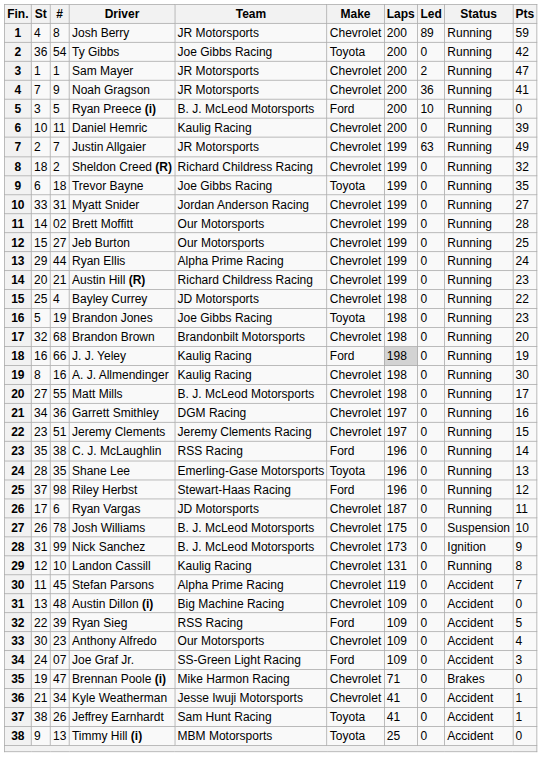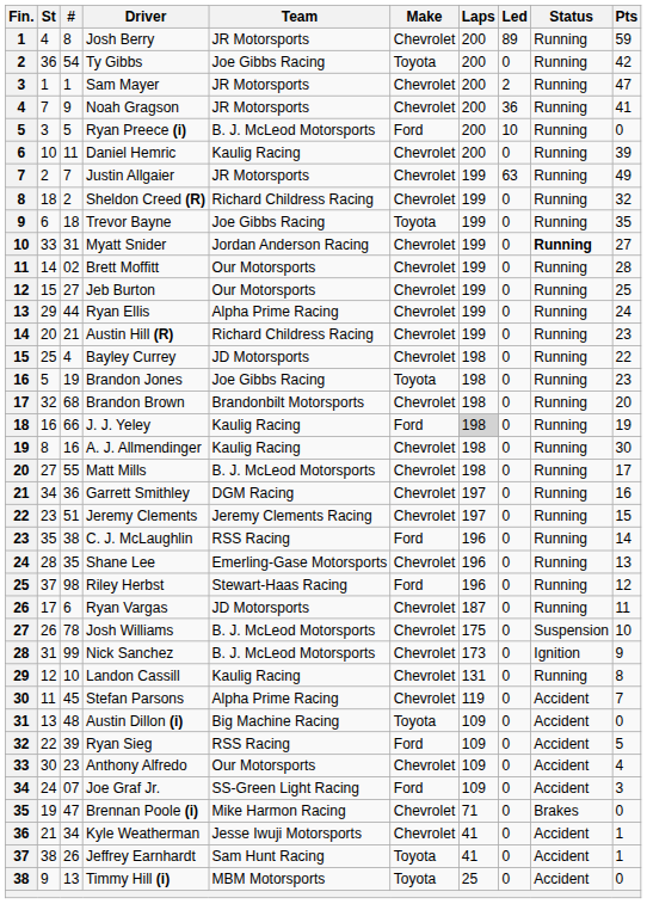 <table class="wikitable" style="font-size:95%">
 <tr>
 <th>Fin.</th>
 <th>St</th>
 <th>#</th>
 <th>Driver</th>
 <th>Team</th>
 <th>Make</th>
 <th>Laps</th>
 <th>Led</th>
 <th>Status</th>
 <th>Pts</th>
 </tr>
 <tr>
 <th>1</th>
 <td>4</td>
 <td>8</td>
 <td>Josh Berry</td>
 <td>JR Motorsports</td>
 <td>Chevrolet</td>
 <td>200</td>
 <td>89</td>
 <td>Running</td>
 <td>59</td>
 </tr>
 <tr>
 <th>2</th>
 <td>36</td>
 <td>54</td>
 <td>Ty Gibbs</td>
 <td>Joe Gibbs Racing</td>
 <td>Toyota</td>
 <td>200</td>
 <td>0</td>
 <td>Running</td>
 <td>42</td>
 </tr>
 <tr>
 <th>3</th>
 <td>1</td>
 <td>1</td>
 <td>Sam Mayer</td>
 <td>JR Motorsports</td>
 <td>Chevrolet</td>
 <td>200</td>
 <td>2</td>
 <td>Running</td>
 <td>47</td>
 </tr>
 <tr>
 <th>4</th>
 <td>7</td>
 <td>9</td>
 <td>Noah Gragson</td>
 <td>JR Motorsports</td>
 <td>Chevrolet</td>
 <td>200</td>
 <td>36</td>
 <td>Running</td>
 <td>41</td>
 </tr>
 <tr>
 <th>5</th>
 <td>3</td>
 <td>5</td>
 <td>Ryan Preece <strong>(i)</strong></td>
 <td>B. J. McLeod Motorsports</td>
 <td>Ford</td>
 <td>200</td>
 <td>10</td>
 <td>Running</td>
 <td>0</td>
 </tr>
 <tr>
 <th>6</th>
 <td>10</td>
 <td>11</td>
 <td>Daniel Hemric</td>
 <td>Kaulig Racing</td>
 <td>Chevrolet</td>
 <td>200</td>
 <td>0</td>
 <td>Running</td>
 <td>39</td>
 </tr>
 <tr>
 <th>7</th>
 <td>2</td>
 <td>7</td>
 <td>Justin Allgaier</td>
 <td>JR Motorsports</td>
 <td>Chevrolet</td>
 <td>199</td>
 <td>63</td>
 <td>Running</td>
 <td>49</td>
 </tr>
 <tr>
 <th>8</th>
 <td>18</td>
 <td>2</td>
 <td>Sheldon Creed <strong>(R)</strong></td>
 <td>Richard Childress Racing</td>
 <td>Chevrolet</td>
 <td>199</td>
 <td>0</td>
 <td>Running</td>
 <td>32</td>
 </tr>
 <tr>
 <th>9</th>
 <td>6</td>
 <td>18</td>
 <td>Trevor Bayne</td>
 <td>Joe Gibbs Racing</td>
 <td>Toyota</td>
 <td>199</td>
 <td>0</td>
 <td>Running</td>
 <td>35</td>
 </tr>
 <tr>
 <th>10</th>
 <td>33</td>
 <td>31</td>
 <td>Myatt Snider</td>
 <td>Jordan Anderson Racing</td>
 <td>Chevrolet</td>
 <td>199</td>
 <td>0</td>
-<td>Running</td>
+<td><strong>Running</strong></td>
 <td>27</td>
 </tr>
 <tr>
 <th>11</th>
 <td>14</td>
 <td>02</td>
 <td>Brett Moffitt</td>
 <td>Our Motorsports</td>
 <td>Chevrolet</td>
 <td>199</td>
 <td>0</td>
 <td>Running</td>
 <td>28</td>
 </tr>
 <tr>
 <th>12</th>
 <td>15</td>
 <td>27</td>
 <td>Jeb Burton</td>
 <td>Our Motorsports</td>
 <td>Chevrolet</td>
 <td>199</td>
 <td>0</td>
 <td>Running</td>
 <td>25</td>
 </tr>
 <tr>
 <th>13</th>
 <td>29</td>
 <td>44</td>
 <td>Ryan Ellis</td>
 <td>Alpha Prime Racing</td>
 <td>Chevrolet</td>
 <td>199</td>
 <td>0</td>
 <td>Running</td>
 <td>24</td>
 </tr>
 <tr>
 <th>14</th>
 <td>20</td>
 <td>21</td>
 <td>Austin Hill <strong>(R)</strong></td>
 <td>Richard Childress Racing</td>
 <td>Chevrolet</td>
 <td>199</td>
 <td>0</td>
 <td>Running</td>
 <td>23</td>
 </tr>
 <tr>
 <th>15</th>
 <td>25</td>
 <td>4</td>
 <td>Bayley Currey</td>
 <td>JD Motorsports</td>
 <td>Chevrolet</td>
 <td>198</td>
 <td>0</td>
 <td>Running</td>
 <td>22</td>
 </tr>
 <tr>
 <th>16</th>
 <td>5</td>
 <td>19</td>
 <td>Brandon Jones</td>
 <td>Joe Gibbs Racing</td>
 <td>Toyota</td>
 <td>198</td>
 <td>0</td>
 <td>Running</td>
 <td>23</td>
 </tr>
 <tr>
 <th>17</th>
 <td>32</td>
 <td>68</td>
 <td>Brandon Brown</td>
 <td>Brandonbilt Motorsports</td>
 <td>Chevrolet</td>
 <td>198</td>
 <td>0</td>
 <td>Running</td>
 <td>20</td>
 </tr>
 <tr>
 <th>18</th>
 <td>16</td>
 <td>66</td>
 <td>J. J. Yeley</td>
 <td>Kaulig Racing</td>
 <td>Ford</td>
 <td style="background: lightgrey;">198</td>
 <td>0</td>
 <td>Running</td>
 <td>19</td>
 </tr>
 <tr>
 <th>19</th>
 <td>8</td>
 <td>16</td>
 <td>A. J. Allmendinger</td>
 <td>Kaulig Racing</td>
 <td>Chevrolet</td>
 <td>198</td>
 <td>0</td>
 <td>Running</td>
 <td>30</td>
 </tr>
 <tr>
 <th>20</th>
 <td>27</td>
 <td>55</td>
 <td>Matt Mills</td>
 <td>B. J. McLeod Motorsports</td>
 <td>Chevrolet</td>
 <td>198</td>
 <td>0</td>
 <td>Running</td>
 <td>17</td>
 </tr>
 <tr>
 <th>21</th>
 <td>34</td>
 <td>36</td>
 <td>Garrett Smithley</td>
 <td>DGM Racing</td>
 <td>Chevrolet</td>
 <td>197</td>
 <td>0</td>
 <td>Running</td>
 <td>16</td>
 </tr>
 <tr>
 <th>22</th>
 <td>23</td>
 <td>51</td>
 <td>Jeremy Clements</td>
 <td>Jeremy Clements Racing</td>
 <td>Chevrolet</td>
 <td>197</td>
 <td>0</td>
 <td>Running</td>
 <td>15</td>
 </tr>
 <tr>
 <th>23</th>
 <td>35</td>
 <td>38</td>
 <td>C. J. McLaughlin</td>
 <td>RSS Racing</td>
 <td>Ford</td>
 <td>196</td>
 <td>0</td>
 <td>Running</td>
 <td>14</td>
 </tr>
 <tr>
 <th>24</th>
 <td>28</td>
 <td>35</td>
 <td>Shane Lee</td>
 <td>Emerling-Gase Motorsports</td>
-<td>Toyota</td>
+<td>Chevrolet</td>
 <td>196</td>
 <td>0</td>
 <td>Running</td>
 <td>13</td>
 </tr>
 <tr>
 <th>25</th>
 <td>37</td>
 <td>98</td>
 <td>Riley Herbst</td>
 <td>Stewart-Haas Racing</td>
 <td>Ford</td>
 <td>196</td>
 <td>0</td>
 <td>Running</td>
 <td>12</td>
 </tr>
 <tr>
 <th>26</th>
 <td>17</td>
 <td>6</td>
 <td>Ryan Vargas</td>
 <td>JD Motorsports</td>
 <td>Chevrolet</td>
 <td>187</td>
 <td>0</td>
 <td>Running</td>
 <td>11</td>
 </tr>
 <tr>
 <th>27</th>
 <td>26</td>
 <td>78</td>
 <td>Josh Williams</td>
 <td>B. J. McLeod Motorsports</td>
 <td>Chevrolet</td>
 <td>175</td>
 <td>0</td>
 <td>Suspension</td>
 <td>10</td>
 </tr>
 <tr>
 <th>28</th>
 <td>31</td>
 <td>99</td>
 <td>Nick Sanchez</td>
 <td>B. J. McLeod Motorsports</td>
 <td>Chevrolet</td>
 <td>173</td>
 <td>0</td>
 <td>Ignition</td>
 <td>9</td>
 </tr>
 <tr>
 <th>29</th>
 <td>12</td>
 <td>10</td>
 <td>Landon Cassill</td>
 <td>Kaulig Racing</td>
 <td>Chevrolet</td>
 <td>131</td>
 <td>0</td>
 <td>Running</td>
 <td>8</td>
 </tr>
 <tr>
 <th>30</th>
 <td>11</td>
 <td>45</td>
 <td>Stefan Parsons</td>
 <td>Alpha Prime Racing</td>
 <td>Chevrolet</td>
 <td>119</td>
 <td>0</td>
 <td>Accident</td>
 <td>7</td>
 </tr>
 <tr>
 <th>31</th>
 <td>13</td>
 <td>48</td>
 <td>Austin Dillon <strong>(i)</strong></td>
 <td>Big Machine Racing</td>
-<td>Chevrolet</td>
+<td>Toyota</td>
 <td>109</td>
 <td>0</td>
 <td>Accident</td>
 <td>0</td>
 </tr>
 <tr>
 <th>32</th>
 <td>22</td>
 <td>39</td>
 <td>Ryan Sieg</td>
 <td>RSS Racing</td>
 <td>Ford</td>
 <td>109</td>
 <td>0</td>
 <td>Accident</td>
 <td>5</td>
 </tr>
 <tr>
 <th>33</th>
 <td>30</td>
 <td>23</td>
 <td>Anthony Alfredo</td>
 <td>Our Motorsports</td>
 <td>Chevrolet</td>
 <td>109</td>
 <td>0</td>
 <td>Accident</td>
 <td>4</td>
 </tr>
 <tr>
 <th>34</th>
 <td>24</td>
 <td>07</td>
 <td>Joe Graf Jr.</td>
 <td>SS-Green Light Racing</td>
 <td>Ford</td>
 <td>109</td>
 <td>0</td>
 <td>Accident</td>
 <td>3</td>
 </tr>
 <tr>
 <th>35</th>
 <td>19</td>
 <td>47</td>
 <td>Brennan Poole <strong>(i)</strong></td>
 <td>Mike Harmon Racing</td>
 <td>Chevrolet</td>
 <td>71</td>
 <td>0</td>
 <td>Brakes</td>
 <td>0</td>
 </tr>
 <tr>
 <th>36</th>
 <td>21</td>
 <td>34</td>
 <td>Kyle Weatherman</td>
 <td>Jesse Iwuji Motorsports</td>
 <td>Chevrolet</td>
 <td>41</td>
 <td>0</td>
 <td>Accident</td>
 <td>1</td>
 </tr>
 <tr>
 <th>37</th>
 <td>38</td>
 <td>26</td>
 <td>Jeffrey Earnhardt</td>
 <td>Sam Hunt Racing</td>
 <td>Toyota</td>
 <td>41</td>
 <td>0</td>
 <td>Accident</td>
 <td>1</td>
 </tr>
 <tr>
 <th>38</th>
 <td>9</td>
 <td>13</td>
 <td>Timmy Hill <strong>(i)</strong></td>
 <td>MBM Motorsports</td>
 <td>Toyota</td>
 <td>25</td>
 <td>0</td>
 <td>Accident</td>
 <td>0</td>
 </tr>
 <tr>
 <th colspan="10"></th>
 </tr>
 </table>
